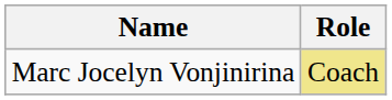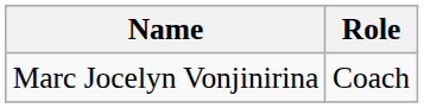 <table class="wikitable">
 <tr>
 <th>Name</th>
 <th>Role</th>
 </tr>
 <tr>
 <td> Marc Jocelyn Vonjinirina</td>
-<td style="background: khaki;">Coach</td>
+<td>Coach</td>
 </tr>
 </table>
